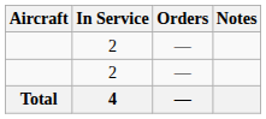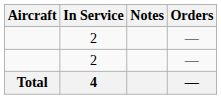 <table class="wikitable" style="text-align:center;">
 <tr>
 <th>Aircraft</th>
 <th>In Service</th>
+<th>Notes</th>
 <th>Orders</th>
-<th>Notes</th>
 </tr>
 <tr>
 <td></td>
 <td>2</td>
+<td></td>
 <td>—</td>
-<td></td>
 </tr>
 <tr>
 <td></td>
 <td>2</td>
+<td></td>
 <td>—</td>
-<td></td>
 </tr>
 <tr>
 <th>Total</th>
 <th>4</th>
+<th></th>
 <th>—</th>
-<th></th>
 </tr>
 </table>
